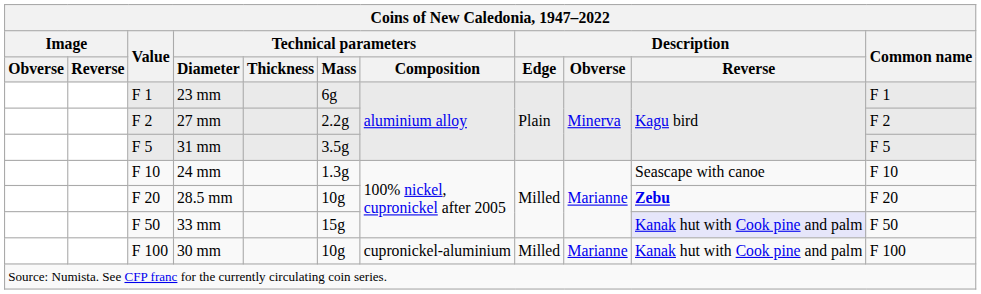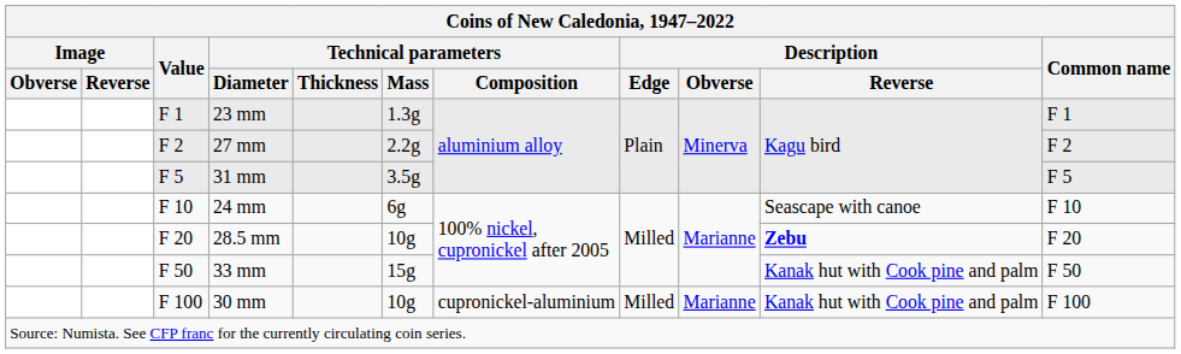 <table class="wikitable" style="font-size: 90%">
 <tr>
 <th colspan="12">Coins of New Caledonia, 1947–2022</th>
 </tr>
 <tr>
 <th colspan="2">Image</th>
 <th rowspan="2">Value</th>
 <th colspan="4">Technical parameters</th>
 <th colspan="3">Description</th>
 <th rowspan="2">Common name</th>
 </tr>
 <tr>
 <th>Obverse</th>
 <th>Reverse</th>
 <th>Diameter</th>
 <th>Thickness</th>
 <th>Mass</th>
 <th>Composition</th>
 <th>Edge</th>
 <th>Obverse</th>
 <th>Reverse</th>
 </tr>
 <tr style="background:#eaeaea">
 <td align="center" style="background:white"></td>
 <td align="center" style="background:white"></td>
 <td>F 1</td>
 <td>23 mm</td>
 <td></td>
-<td>6g</td>
+<td>1.3g</td>
 <td rowspan="3"><a href='#'>aluminium alloy</a></td>
 <td rowspan="3">Plain</td>
 <td rowspan="3"><a href='#'>Minerva</a></td>
 <td rowspan="3"><a href='#'>Kagu</a> bird</td>
 <td>F 1</td>
 </tr>
 <tr style="background:#eaeaea">
 <td align="center" style="background:white"></td>
 <td align="center" style="background:white"></td>
 <td>F 2</td>
 <td>27 mm</td>
 <td></td>
 <td>2.2g</td>
 <td>F 2</td>
 </tr>
 <tr style="background:#eaeaea">
 <td align="center" style="background:white"></td>
 <td align="center" style="background:white"></td>
 <td>F 5</td>
 <td>31 mm</td>
 <td></td>
 <td>3.5g</td>
 <td>F 5</td>
 </tr>
 <tr>
 <td align="center" style="background:white"></td>
 <td align="center" style="background:white"></td>
 <td>F 10</td>
 <td>24 mm</td>
 <td></td>
-<td>1.3g</td>
+<td>6g</td>
 <td rowspan="3">100% <a href='#'>nickel</a>,<br><a href='#'>cupronickel</a> after 2005</td>
 <td rowspan="3">Milled</td>
 <td rowspan="3"><a href='#'>Marianne</a></td>
 <td>Seascape with canoe</td>
 <td>F 10</td>
 </tr>
 <tr>
 <td align="center" style="background:white"></td>
 <td align="center" style="background:white"></td>
 <td>F 20</td>
 <td>28.5 mm</td>
 <td></td>
 <td>10g</td>
 <td><strong><a href='#'>Zebu</a></strong></td>
 <td>F 20</td>
 </tr>
 <tr>
 <td align="center" style="background:white"></td>
 <td align="center" style="background:white"></td>
 <td>F 50</td>
 <td>33 mm<br></td>
 <td></td>
 <td>15g</td>
-<td style="background: lavender;"><a href='#'>Kanak</a> hut with <a href='#'>Cook pine</a> and palm</td>
+<td><a href='#'>Kanak</a> hut with <a href='#'>Cook pine</a> and palm</td>
 <td>F 50</td>
 </tr>
 <tr>
 <td align="center" style="background:white"></td>
 <td align="center" style="background:white"></td>
 <td>F 100</td>
 <td>30 mm</td>
 <td></td>
 <td>10g</td>
 <td>cupronickel-aluminium</td>
 <td>Milled</td>
 <td><a href='#'>Marianne</a></td>
 <td><a href='#'>Kanak</a> hut with <a href='#'>Cook pine</a> and palm</td>
 <td>F 100</td>
 </tr>
 <tr>
 <td colspan="11"> <small>Source: Numista. See <a href='#'>CFP franc</a> for the currently circulating coin series.</small></td>
 </tr>
 </table>
